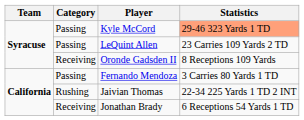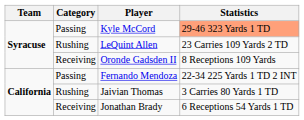 <table class="wikitable" style="float: right;">
 <tr>
 <th>Team</th>
 <th>Category</th>
 <th>Player</th>
 <th>Statistics</th>
 </tr>
 <tr>
 <td rowspan=3><strong>Syracuse</strong></td>
 <td>Passing</td>
 <td><a href='#'>Kyle McCord</a></td>
 <td style="background: lightsalmon;">29-46 323 Yards 1 TD</td>
 </tr>
 <tr>
-<td>Passing</td>
+<td>Rushing</td>
 <td><a href='#'>LeQuint Allen</a></td>
 <td>23 Carries 109 Yards 2 TD</td>
 </tr>
 <tr>
 <td>Receiving</td>
 <td><a href='#'>Oronde Gadsden II</a></td>
 <td>8 Receptions 109 Yards</td>
 </tr>
 <tr>
 <td rowspan=3><strong>California</strong></td>
 <td>Passing</td>
 <td><a href='#'>Fernando Mendoza</a></td>
-<td>3 Carries 80 Yards 1 TD</td>
+<td>22-34 225 Yards 1 TD 2 INT</td>
 </tr>
 <tr>
 <td>Rushing</td>
 <td>Jaivian Thomas</td>
-<td>22-34 225 Yards 1 TD 2 INT</td>
+<td>3 Carries 80 Yards 1 TD</td>
 </tr>
 <tr>
 <td>Receiving</td>
 <td>Jonathan Brady</td>
 <td>6 Receptions 54 Yards 1 TD</td>
 </tr>
 </table>
